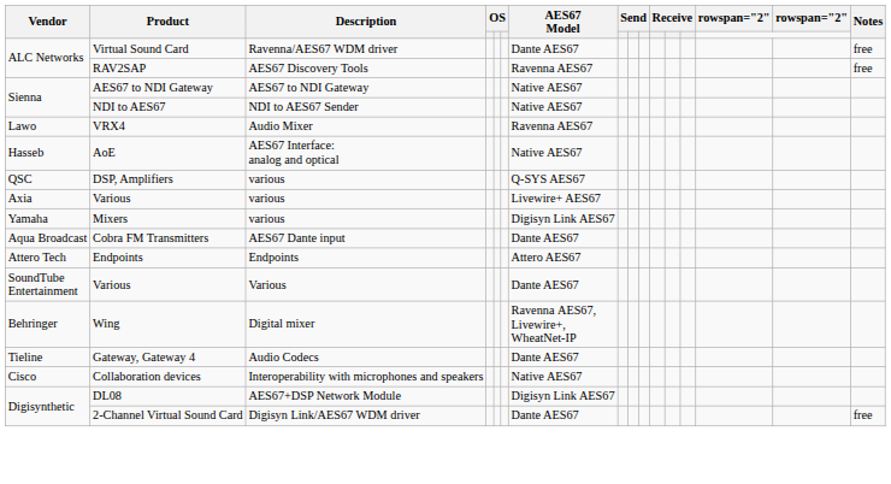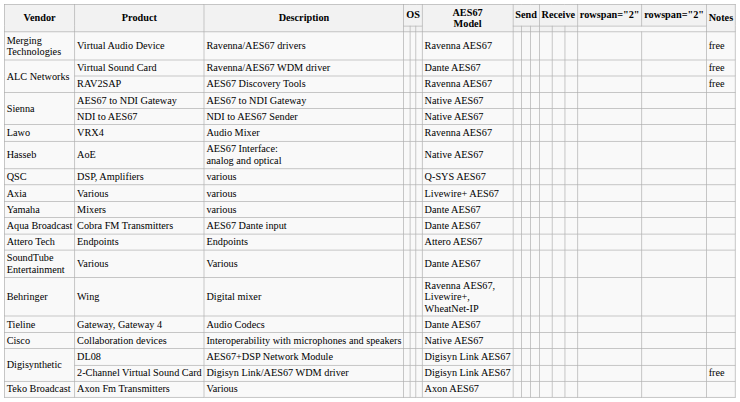 <table class="wikitable">
 <tr>
 <th rowspan="2">Vendor</th>
 <th rowspan="2">Product</th>
 <th rowspan="2">Description</th>
 <th colspan="3">OS</th>
 <th rowspan="2">AES67<br>Model</th>
 <th colspan="3">Send</th>
 <th colspan="3">Receive</th>
 <th>rowspan="2" </th>
 <th>rowspan="2" </th>
 <th rowspan="2">Notes</th>
 </tr>
 <tr>
 <th></th>
 <th></th>
 <th></th>
 <th></th>
 <th></th>
 <th></th>
 <th></th>
 <th></th>
 <th></th>
+</tr>
+<tr>
+<td>Merging<br>Technologies</td>
+<td>Virtual Audio Device</td>
+<td>Ravenna/AES67 drivers</td>
+<td><br></td>
+<td><br></td>
+<td><br></td>
+<td>Ravenna AES67</td>
+<td></td>
+<td></td>
+<td></td>
+<td></td>
+<td></td>
+<td></td>
+<td></td>
+<td></td>
+<td>free</td>
 </tr>
 <tr>
 <td rowspan="2">ALC Networks</td>
 <td>Virtual Sound Card</td>
 <td>Ravenna/AES67 WDM driver</td>
 <td></td>
 <td></td>
 <td></td>
 <td>Dante AES67</td>
 <td></td>
 <td></td>
 <td></td>
 <td></td>
 <td></td>
 <td></td>
 <td></td>
 <td></td>
 <td>free</td>
 </tr>
 <tr>
 <td>RAV2SAP</td>
 <td>AES67 Discovery Tools</td>
 <td></td>
 <td></td>
 <td></td>
 <td>Ravenna AES67</td>
 <td></td>
 <td></td>
 <td></td>
 <td></td>
 <td></td>
 <td></td>
 <td></td>
 <td></td>
 <td>free</td>
 </tr>
 <tr>
 <td rowspan="2">Sienna</td>
 <td>AES67 to NDI Gateway</td>
 <td>AES67 to NDI Gateway</td>
 <td></td>
 <td></td>
 <td></td>
 <td>Native AES67</td>
 <td></td>
 <td></td>
 <td></td>
 <td></td>
 <td></td>
 <td></td>
 <td></td>
 <td></td>
 <td></td>
 </tr>
 <tr>
 <td>NDI to AES67</td>
 <td>NDI to AES67 Sender</td>
 <td></td>
 <td></td>
 <td></td>
 <td>Native AES67</td>
 <td></td>
 <td></td>
 <td></td>
 <td></td>
 <td></td>
 <td></td>
 <td></td>
 <td></td>
 <td></td>
 </tr>
 <tr>
 <td>Lawo</td>
 <td>VRX4</td>
 <td>Audio Mixer</td>
 <td></td>
 <td></td>
 <td></td>
 <td>Ravenna AES67</td>
 <td></td>
 <td></td>
 <td></td>
 <td></td>
 <td></td>
 <td></td>
 <td></td>
 <td></td>
 <td></td>
 </tr>
 <tr>
 <td>Hasseb</td>
 <td>AoE</td>
 <td>AES67 Interface:<br>analog and optical</td>
 <td></td>
 <td></td>
 <td></td>
 <td>Native AES67</td>
 <td></td>
 <td></td>
 <td></td>
 <td></td>
 <td></td>
 <td></td>
 <td></td>
 <td></td>
 <td></td>
 </tr>
 <tr>
 <td>QSC</td>
 <td>DSP, Amplifiers</td>
 <td>various</td>
 <td></td>
 <td></td>
 <td></td>
 <td>Q-SYS AES67</td>
 <td></td>
 <td></td>
 <td></td>
 <td></td>
 <td></td>
 <td></td>
 <td></td>
 <td></td>
 <td></td>
 </tr>
 <tr>
 <td>Axia</td>
 <td>Various</td>
 <td>various</td>
 <td></td>
 <td></td>
 <td></td>
 <td>Livewire+ AES67</td>
 <td></td>
 <td></td>
 <td></td>
 <td></td>
 <td></td>
 <td></td>
 <td></td>
 <td></td>
 <td></td>
 </tr>
 <tr>
 <td>Yamaha</td>
 <td>Mixers</td>
 <td>various</td>
 <td></td>
 <td></td>
 <td></td>
-<td>Digisyn Link AES67</td>
+<td>Dante AES67</td>
 <td></td>
 <td></td>
 <td></td>
 <td></td>
 <td></td>
 <td></td>
 <td></td>
 <td></td>
 <td></td>
 </tr>
 <tr>
 <td>Aqua Broadcast</td>
 <td>Cobra FM Transmitters </td>
 <td>AES67 Dante input</td>
 <td></td>
 <td></td>
 <td></td>
 <td>Dante AES67</td>
 <td></td>
 <td></td>
 <td></td>
 <td></td>
 <td></td>
 <td></td>
 <td></td>
 <td></td>
 <td></td>
 </tr>
 <tr>
 <td>Attero Tech</td>
 <td>Endpoints</td>
 <td>Endpoints</td>
 <td></td>
 <td></td>
 <td></td>
 <td>Attero AES67</td>
 <td></td>
 <td></td>
 <td></td>
 <td></td>
 <td></td>
 <td></td>
 <td></td>
 <td></td>
 <td></td>
 </tr>
 <tr>
 <td>SoundTube<br>Entertainment</td>
 <td>Various</td>
 <td>Various</td>
 <td></td>
 <td></td>
 <td></td>
 <td>Dante AES67</td>
 <td></td>
 <td></td>
 <td></td>
 <td></td>
 <td></td>
 <td></td>
 <td></td>
 <td></td>
 <td></td>
 </tr>
 <tr>
 <td>Behringer</td>
 <td>Wing</td>
 <td>Digital mixer</td>
 <td></td>
 <td></td>
 <td></td>
 <td style="line-height:110%">Ravenna AES67,<br>Livewire+,<br>WheatNet-IP<br></td>
 <td></td>
 <td></td>
 <td></td>
 <td></td>
 <td></td>
 <td></td>
 <td></td>
 <td></td>
 <td></td>
 </tr>
 <tr>
 <td>Tieline</td>
 <td>Gateway, Gateway 4</td>
 <td>Audio Codecs</td>
 <td></td>
 <td></td>
 <td></td>
 <td>Dante AES67</td>
 <td></td>
 <td></td>
 <td></td>
 <td></td>
 <td></td>
 <td></td>
 <td></td>
 <td></td>
 <td></td>
 </tr>
 <tr>
 <td>Cisco</td>
 <td>Collaboration devices</td>
 <td>Interoperability with microphones and speakers</td>
 <td></td>
 <td></td>
 <td></td>
 <td>Native AES67</td>
 <td></td>
 <td></td>
 <td></td>
 <td></td>
 <td></td>
 <td></td>
 <td></td>
 <td></td>
 <td></td>
 </tr>
 <tr>
 <td rowspan="2">Digisynthetic</td>
 <td>DL08</td>
 <td>AES67+DSP Network Module</td>
 <td></td>
 <td></td>
 <td></td>
 <td>Digisyn Link AES67</td>
 <td></td>
 <td></td>
 <td></td>
 <td></td>
 <td></td>
 <td></td>
 <td></td>
 <td></td>
 <td></td>
 </tr>
 <tr>
 <td>2-Channel Virtual Sound Card</td>
 <td>Digisyn Link/AES67 WDM driver</td>
 <td></td>
 <td></td>
 <td></td>
-<td>Dante AES67</td>
+<td>Digisyn Link AES67</td>
 <td></td>
 <td></td>
 <td></td>
 <td></td>
 <td></td>
 <td></td>
 <td></td>
 <td></td>
 <td>free</td>
 </tr>
+<tr>
+<td>Teko Broadcast</td>
+<td>Axon Fm Transmitters </td>
+<td>Various</td>
+<td></td>
+<td></td>
+<td></td>
+<td>Axon AES67</td>
+<td></td>
+<td></td>
+<td></td>
+<td></td>
+<td></td>
+<td></td>
+<td></td>
+<td></td>
+<td></td>
+</tr>
 </table>
